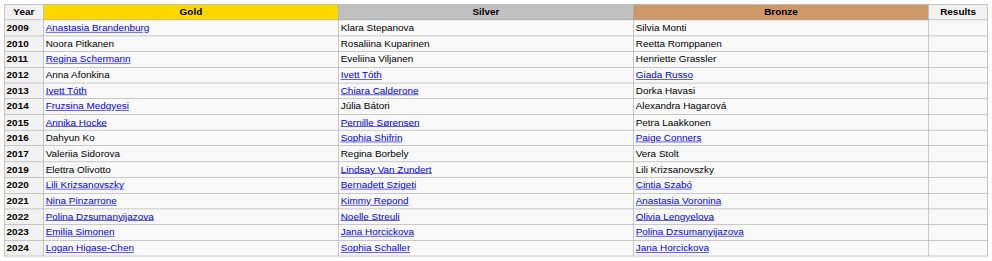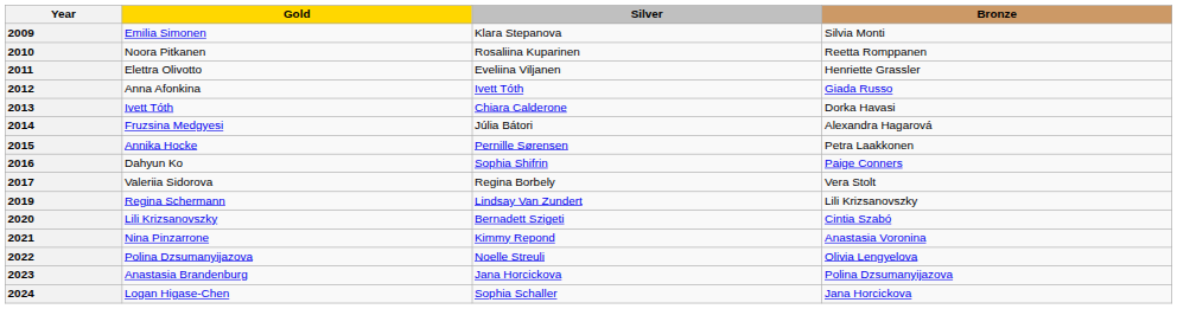 <table class="wikitable unsortable" style="text-align:left; width:80%;">
 <tr>
 <th scope="col" style="text-align:center;">Year</th>
 <td scope="col" style="text-align:center; width:30%; background:gold"><strong>Gold</strong></td>
 <td scope="col" style="text-align:center; width:30%; background:silver"><strong>Silver</strong></td>
 <td scope="col" style="text-align:center; width:30%; background:#c96"><strong>Bronze</strong></td>
-<th scope="col" style="text-align:center;">Results</th>
 </tr>
 <tr>
 <th scope="row" style="text-align:left">2009</th>
-<td> <a href='#'>Anastasia Brandenburg</a></td>
+<td> <a href='#'>Emilia Simonen</a></td>
 <td> Klara Stepanova</td>
 <td> Silvia Monti</td>
-<td></td>
 </tr>
 <tr>
 <th scope="row" style="text-align:left">2010</th>
 <td> Noora Pitkanen</td>
 <td> Rosaliina Kuparinen</td>
 <td> Reetta Romppanen</td>
-<td></td>
 </tr>
 <tr>
 <th scope="row" style="text-align:left">2011</th>
-<td> <a href='#'>Regina Schermann</a></td>
+<td> Elettra Olivotto</td>
 <td> Eveliina Viljanen</td>
 <td> Henriette Grassler</td>
-<td></td>
 </tr>
 <tr>
 <th scope="row" style="text-align:left">2012</th>
 <td> Anna Afonkina</td>
 <td> <a href='#'>Ivett Tóth</a></td>
 <td> <a href='#'>Giada Russo</a></td>
-<td></td>
 </tr>
 <tr>
 <th scope="row" style="text-align:left">2013</th>
 <td> <a href='#'>Ivett Tóth</a></td>
 <td> <a href='#'>Chiara Calderone</a></td>
 <td> Dorka Havasi</td>
-<td></td>
 </tr>
 <tr>
 <th scope="row" style="text-align:left">2014</th>
 <td> <a href='#'>Fruzsina Medgyesi</a></td>
 <td> Júlia Bátori</td>
 <td> Alexandra Hagarová</td>
-<td></td>
 </tr>
 <tr>
 <th scope="row" style="text-align:left">2015</th>
 <td> <a href='#'>Annika Hocke</a></td>
 <td> <a href='#'>Pernille Sørensen</a></td>
 <td> Petra Laakkonen</td>
-<td></td>
 </tr>
 <tr>
 <th scope="row" style="text-align:left">2016</th>
 <td> Dahyun Ko</td>
 <td> <a href='#'>Sophia Shifrin</a></td>
 <td> <a href='#'>Paige Conners</a></td>
-<td></td>
 </tr>
 <tr>
 <th scope="row" style="text-align:left">2017</th>
 <td> Valeriia Sidorova</td>
 <td> Regina Borbely</td>
 <td> Vera Stolt</td>
-<td></td>
 </tr>
 <tr>
 <th scope="row" style="text-align:left">2019</th>
-<td> Elettra Olivotto</td>
+<td> <a href='#'>Regina Schermann</a></td>
 <td> <a href='#'>Lindsay Van Zundert</a></td>
 <td> Lili Krizsanovszky</td>
-<td></td>
 </tr>
 <tr>
 <th scope="row" style="text-align:left">2020</th>
 <td> <a href='#'>Lili Krizsanovszky</a></td>
 <td> <a href='#'>Bernadett Szigeti</a></td>
 <td> <a href='#'>Cintia Szabó</a></td>
-<td></td>
 </tr>
 <tr>
 <th scope="row" style="text-align:left">2021</th>
 <td> <a href='#'>Nina Pinzarrone</a></td>
 <td> <a href='#'>Kimmy Repond</a></td>
 <td> <a href='#'>Anastasia Voronina</a></td>
-<td></td>
 </tr>
 <tr>
 <th scope="row" style="text-align:left">2022</th>
 <td> <a href='#'>Polina Dzsumanyijazova</a></td>
 <td> <a href='#'>Noelle Streuli</a></td>
 <td> <a href='#'>Olivia Lengyelova</a></td>
-<td></td>
 </tr>
 <tr>
 <th scope="row" style="text-align:left">2023</th>
-<td> <a href='#'>Emilia Simonen</a></td>
+<td> <a href='#'>Anastasia Brandenburg</a></td>
 <td> <a href='#'>Jana Horcickova</a></td>
 <td> <a href='#'>Polina Dzsumanyijazova</a></td>
-<td></td>
 </tr>
 <tr>
 <th scope="row" style="text-align:left">2024</th>
 <td> <a href='#'>Logan Higase-Chen</a></td>
 <td> <a href='#'>Sophia Schaller</a></td>
 <td> <a href='#'>Jana Horcickova</a></td>
-<td></td>
 </tr>
 </table>
